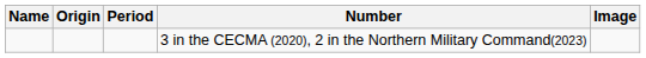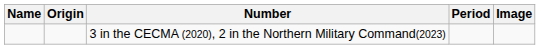 <table class="wikitable mw-collapsible mw-collapsed">
 <tr>
 <th>Name</th>
 <th>Origin</th>
+<th>Number</th>
 <th>Period</th>
-<th>Number</th>
 <th>Image</th>
 </tr>
 <tr>
 <td></td>
 <td></td>
+<td>3 in the CECMA <small>(2020)</small>, 2 in the Northern Military Command<small>(2023)</small></td>
 <td></td>
-<td>3 in the CECMA <small>(2020)</small>, 2 in the Northern Military Command<small>(2023)</small></td>
 <td><br></td>
 </tr>
 </table>
